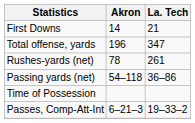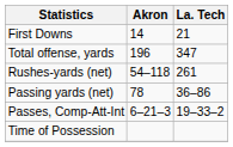 <table class="wikitable">
 <tr>
 <th>Statistics</th>
 <th>Akron</th>
 <th>La. Tech</th>
 </tr>
 <tr>
 <td>First Downs</td>
 <td>14</td>
 <td>21</td>
 </tr>
 <tr>
 <td>Total offense, yards</td>
 <td>196</td>
 <td>347</td>
 </tr>
 <tr>
 <td>Rushes-yards (net)</td>
-<td>78</td>
+<td>54–118</td>
 <td>261</td>
 </tr>
 <tr>
 <td>Passing yards (net)</td>
-<td>54–118</td>
+<td>78</td>
 <td>36–86</td>
+</tr>
+<tr>
+<td>Passes, Comp-Att-Int</td>
+<td>6–21–3</td>
+<td>19–33–2</td>
 </tr>
 <tr>
 <td>Time of Possession</td>
 <td></td>
 <td></td>
 </tr>
 <tr>
-<td>Passes, Comp-Att-Int</td>
-<td>6–21–3</td>
-<td>19–33–2</td>
-</tr>
-<tr>
 </tr>
 </table>
